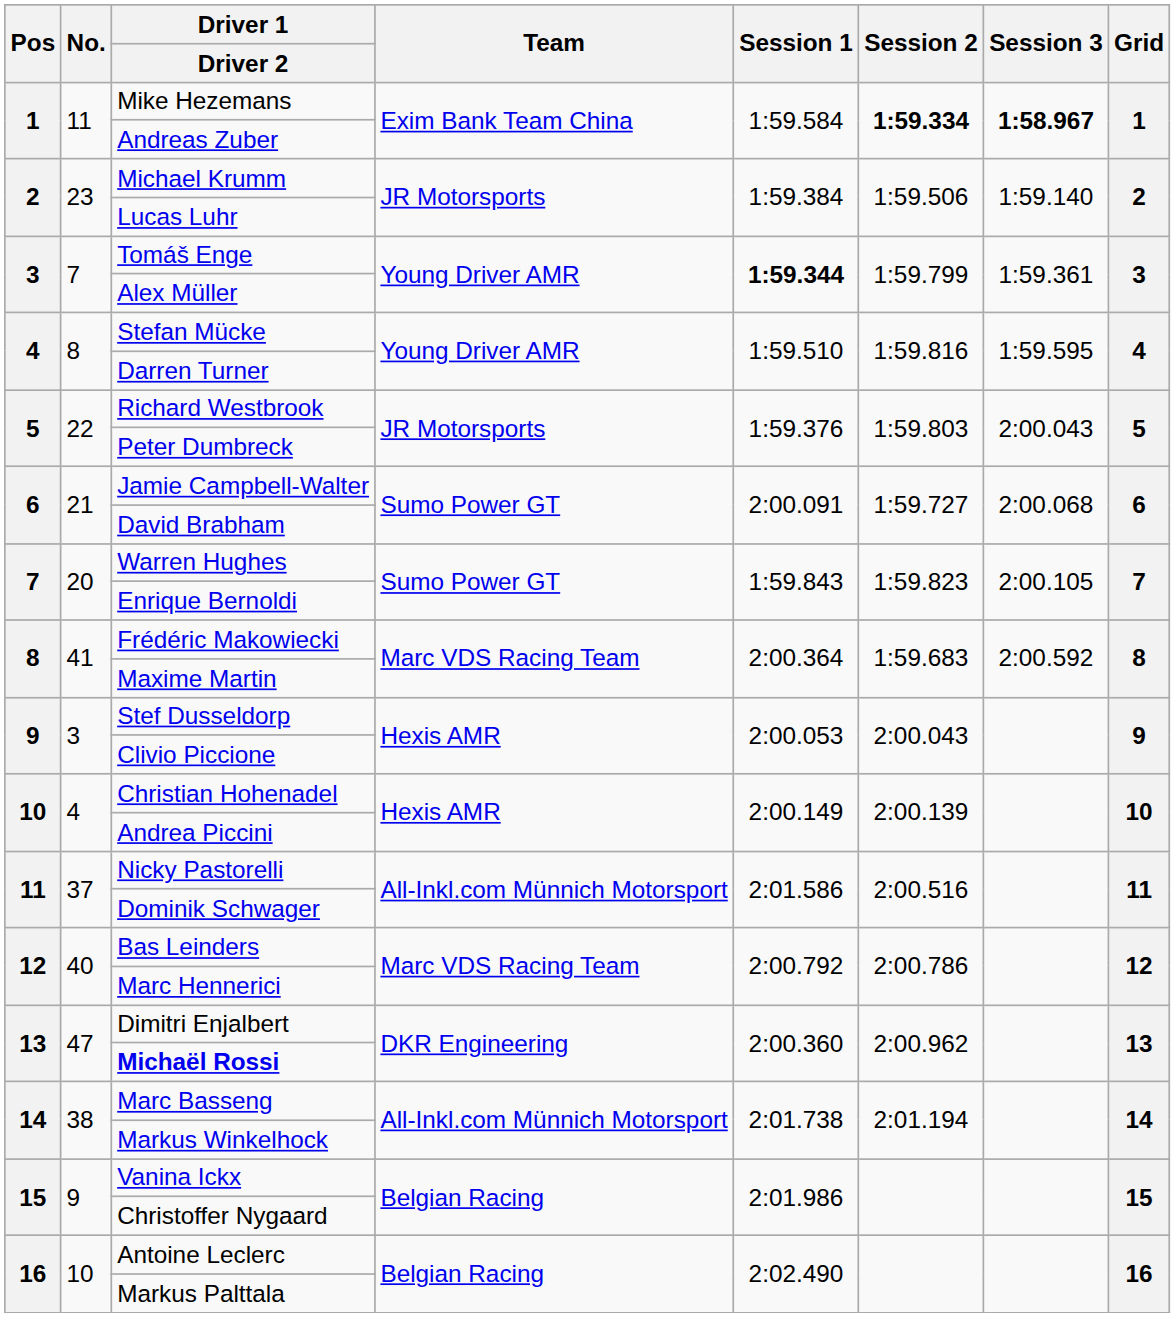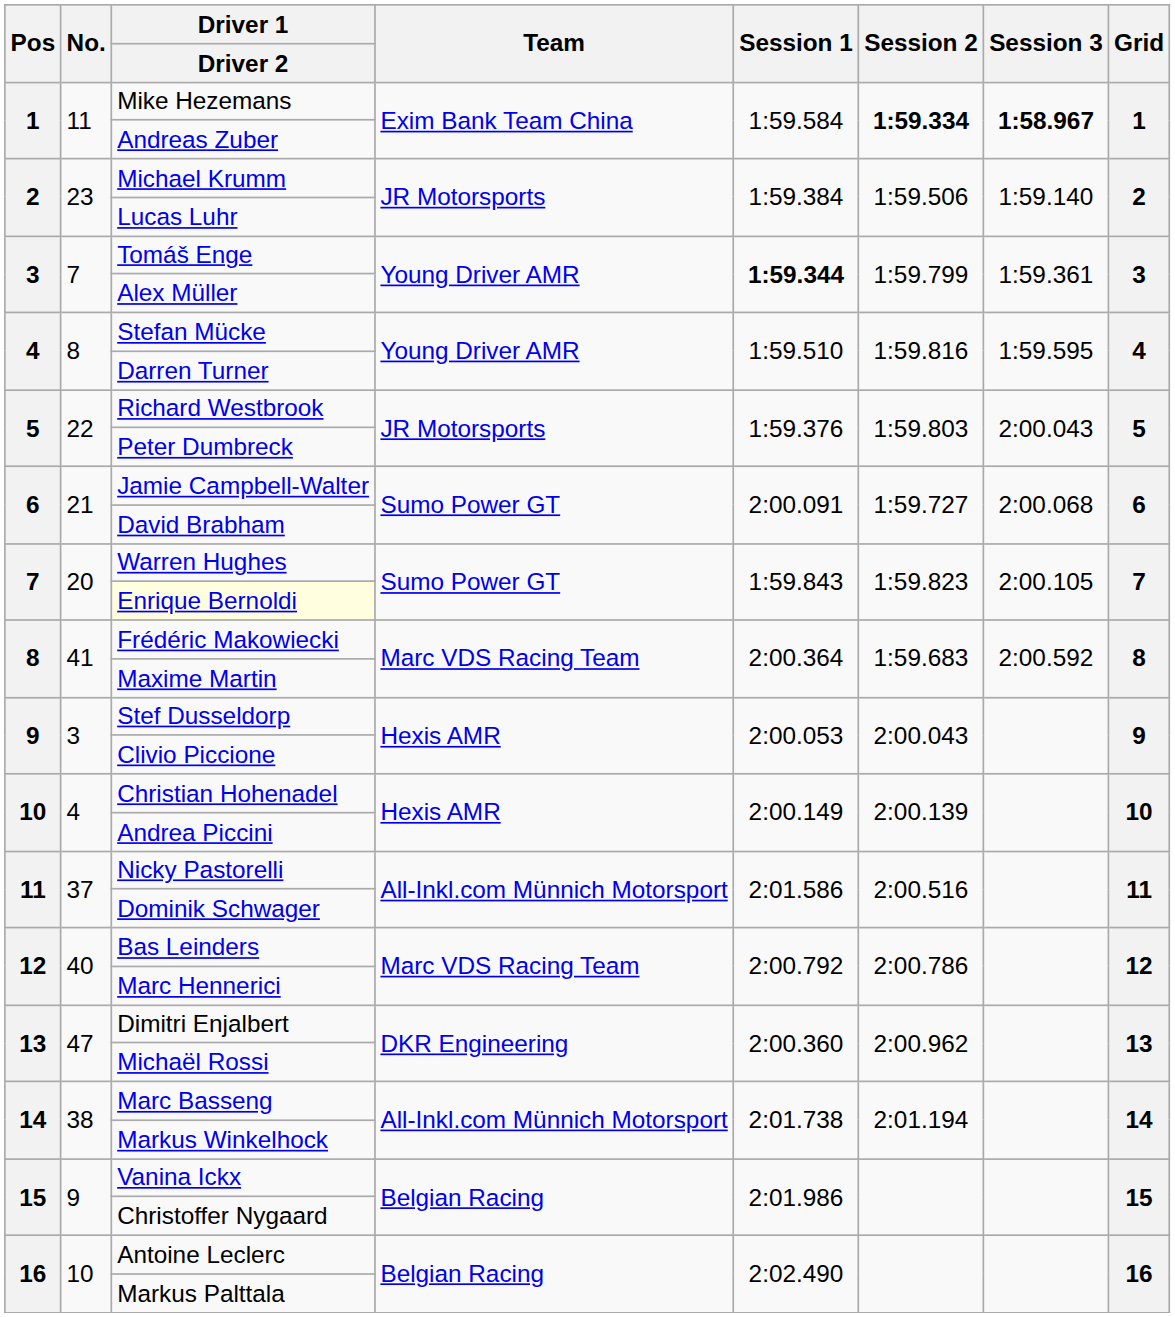 <table class="wikitable" style="font-size: 90%;">
 <tr>
 <th rowspan=2>Pos</th>
 <th rowspan=2>No.</th>
 <th>Driver 1</th>
 <th rowspan=2>Team</th>
 <th rowspan=2>Session 1</th>
 <th rowspan=2>Session 2</th>
 <th rowspan=2>Session 3</th>
 <th rowspan=2>Grid</th>
 </tr>
 <tr>
 <th>Driver 2</th>
 </tr>
 <tr>
 <th rowspan=2>1</th>
 <td rowspan=2>11</td>
 <td> Mike Hezemans</td>
 <td rowspan=2> <a href='#'>Exim Bank Team China</a></td>
 <td rowspan=2 align="center">1:59.584</td>
 <td rowspan=2 align="center"><strong>1:59.334</strong></td>
 <td rowspan=2 align="center"><strong>1:58.967</strong></td>
 <th rowspan=2>1</th>
 </tr>
 <tr>
 <td> <a href='#'>Andreas Zuber</a></td>
 </tr>
 <tr>
 <th rowspan=2>2</th>
 <td rowspan=2>23</td>
 <td> <a href='#'>Michael Krumm</a></td>
 <td rowspan=2> <a href='#'>JR Motorsports</a></td>
 <td rowspan=2 align="center">1:59.384</td>
 <td rowspan=2 align="center">1:59.506</td>
 <td rowspan=2 align="center">1:59.140</td>
 <th rowspan=2>2</th>
 </tr>
 <tr>
 <td> <a href='#'>Lucas Luhr</a></td>
 </tr>
 <tr>
 <th rowspan=2>3</th>
 <td rowspan=2>7</td>
 <td> <a href='#'>Tomáš Enge</a></td>
 <td rowspan=2> <a href='#'>Young Driver AMR</a></td>
 <td rowspan=2 align="center"><strong>1:59.344</strong></td>
 <td rowspan=2 align="center">1:59.799</td>
 <td rowspan=2 align="center">1:59.361</td>
 <th rowspan=2>3</th>
 </tr>
 <tr>
 <td> <a href='#'>Alex Müller</a></td>
 </tr>
 <tr>
 <th rowspan=2>4</th>
 <td rowspan=2>8</td>
 <td> <a href='#'>Stefan Mücke</a></td>
 <td rowspan=2> <a href='#'>Young Driver AMR</a></td>
 <td rowspan=2 align="center">1:59.510</td>
 <td rowspan=2 align="center">1:59.816</td>
 <td rowspan=2 align="center">1:59.595</td>
 <th rowspan=2>4</th>
 </tr>
 <tr>
 <td> <a href='#'>Darren Turner</a></td>
 </tr>
 <tr>
 <th rowspan=2>5</th>
 <td rowspan=2>22</td>
 <td> <a href='#'>Richard Westbrook</a></td>
 <td rowspan=2> <a href='#'>JR Motorsports</a></td>
 <td rowspan=2 align="center">1:59.376</td>
 <td rowspan=2 align="center">1:59.803</td>
 <td rowspan=2 align="center">2:00.043</td>
 <th rowspan=2>5</th>
 </tr>
 <tr>
 <td> <a href='#'>Peter Dumbreck</a></td>
 </tr>
 <tr>
 <th rowspan=2>6</th>
 <td rowspan=2>21</td>
 <td> <a href='#'>Jamie Campbell-Walter</a></td>
 <td rowspan=2> <a href='#'>Sumo Power GT</a></td>
 <td rowspan=2 align="center">2:00.091</td>
 <td rowspan=2 align="center">1:59.727</td>
 <td rowspan=2 align="center">2:00.068</td>
 <th rowspan=2>6</th>
 </tr>
 <tr>
 <td> <a href='#'>David Brabham</a></td>
 </tr>
 <tr>
 <th rowspan=2>7</th>
 <td rowspan=2>20</td>
 <td> <a href='#'>Warren Hughes</a></td>
 <td rowspan=2> <a href='#'>Sumo Power GT</a></td>
 <td rowspan=2 align="center">1:59.843</td>
 <td rowspan=2 align="center">1:59.823</td>
 <td rowspan=2 align="center">2:00.105</td>
 <th rowspan=2>7</th>
 </tr>
 <tr>
-<td> <a href='#'>Enrique Bernoldi</a></td>
+<td style="background: lightyellow;"> <a href='#'>Enrique Bernoldi</a></td>
 </tr>
 <tr>
 <th rowspan=2>8</th>
 <td rowspan=2>41</td>
 <td> <a href='#'>Frédéric Makowiecki</a></td>
 <td rowspan=2> <a href='#'>Marc VDS Racing Team</a></td>
 <td rowspan=2 align="center">2:00.364</td>
 <td rowspan=2 align="center">1:59.683</td>
 <td rowspan=2 align="center">2:00.592</td>
 <th rowspan=2>8</th>
 </tr>
 <tr>
 <td> <a href='#'>Maxime Martin</a></td>
 </tr>
 <tr>
 <th rowspan=2>9</th>
 <td rowspan=2>3</td>
 <td> <a href='#'>Stef Dusseldorp</a></td>
 <td rowspan=2> <a href='#'>Hexis AMR</a></td>
 <td rowspan=2 align="center">2:00.053</td>
 <td rowspan=2 align="center">2:00.043</td>
 <td rowspan=2 align="center"></td>
 <th rowspan=2>9</th>
 </tr>
 <tr>
 <td> <a href='#'>Clivio Piccione</a></td>
 </tr>
 <tr>
 <th rowspan=2>10</th>
 <td rowspan=2>4</td>
 <td> <a href='#'>Christian Hohenadel</a></td>
 <td rowspan=2> <a href='#'>Hexis AMR</a></td>
 <td rowspan=2 align="center">2:00.149</td>
 <td rowspan=2 align="center">2:00.139</td>
 <td rowspan=2 align="center"></td>
 <th rowspan=2>10</th>
 </tr>
 <tr>
 <td> <a href='#'>Andrea Piccini</a></td>
 </tr>
 <tr>
 <th rowspan=2>11</th>
 <td rowspan=2>37</td>
 <td> <a href='#'>Nicky Pastorelli</a></td>
 <td rowspan=2> <a href='#'>All-Inkl.com Münnich Motorsport</a></td>
 <td rowspan=2 align="center">2:01.586</td>
 <td rowspan=2 align="center">2:00.516</td>
 <td rowspan=2 align="center"></td>
 <th rowspan=2>11</th>
 </tr>
 <tr>
 <td> <a href='#'>Dominik Schwager</a></td>
 </tr>
 <tr>
 <th rowspan=2>12</th>
 <td rowspan=2>40</td>
 <td> <a href='#'>Bas Leinders</a></td>
 <td rowspan=2> <a href='#'>Marc VDS Racing Team</a></td>
 <td rowspan=2 align="center">2:00.792</td>
 <td rowspan=2 align="center">2:00.786</td>
 <td rowspan=2 align="center"></td>
 <th rowspan=2>12</th>
 </tr>
 <tr>
 <td> <a href='#'>Marc Hennerici</a></td>
 </tr>
 <tr>
 <th rowspan=2>13</th>
 <td rowspan=2>47</td>
 <td> Dimitri Enjalbert</td>
 <td rowspan=2> <a href='#'>DKR Engineering</a></td>
 <td rowspan=2 align="center">2:00.360</td>
 <td rowspan=2 align="center">2:00.962</td>
 <td rowspan=2 align="center"></td>
 <th rowspan=2>13</th>
 </tr>
 <tr>
-<td><strong> <a href='#'>Michaël Rossi</a></strong></td>
+<td> <a href='#'>Michaël Rossi</a></td>
 </tr>
 <tr>
 <th rowspan=2>14</th>
 <td rowspan=2>38</td>
 <td> <a href='#'>Marc Basseng</a></td>
 <td rowspan=2> <a href='#'>All-Inkl.com Münnich Motorsport</a></td>
 <td rowspan=2 align="center">2:01.738</td>
 <td rowspan=2 align="center">2:01.194</td>
 <td rowspan=2 align="center"></td>
 <th rowspan=2>14</th>
 </tr>
 <tr>
 <td> <a href='#'>Markus Winkelhock</a></td>
 </tr>
 <tr>
 <th rowspan=2>15</th>
 <td rowspan=2>9</td>
 <td> <a href='#'>Vanina Ickx</a></td>
 <td rowspan=2> <a href='#'>Belgian Racing</a></td>
 <td rowspan=2 align="center">2:01.986</td>
 <td rowspan=2 align="center"></td>
 <td rowspan=2 align="center"></td>
 <th rowspan=2>15</th>
 </tr>
 <tr>
 <td> Christoffer Nygaard</td>
 </tr>
 <tr>
 <th rowspan=2>16</th>
 <td rowspan=2>10</td>
 <td> Antoine Leclerc</td>
 <td rowspan=2> <a href='#'>Belgian Racing</a></td>
 <td rowspan=2 align="center">2:02.490</td>
 <td rowspan=2 align="center"></td>
 <td rowspan=2 align="center"></td>
 <th rowspan=2>16</th>
 </tr>
 <tr>
 <td> Markus Palttala</td>
 </tr>
 <tr>
 </tr>
 </table>
